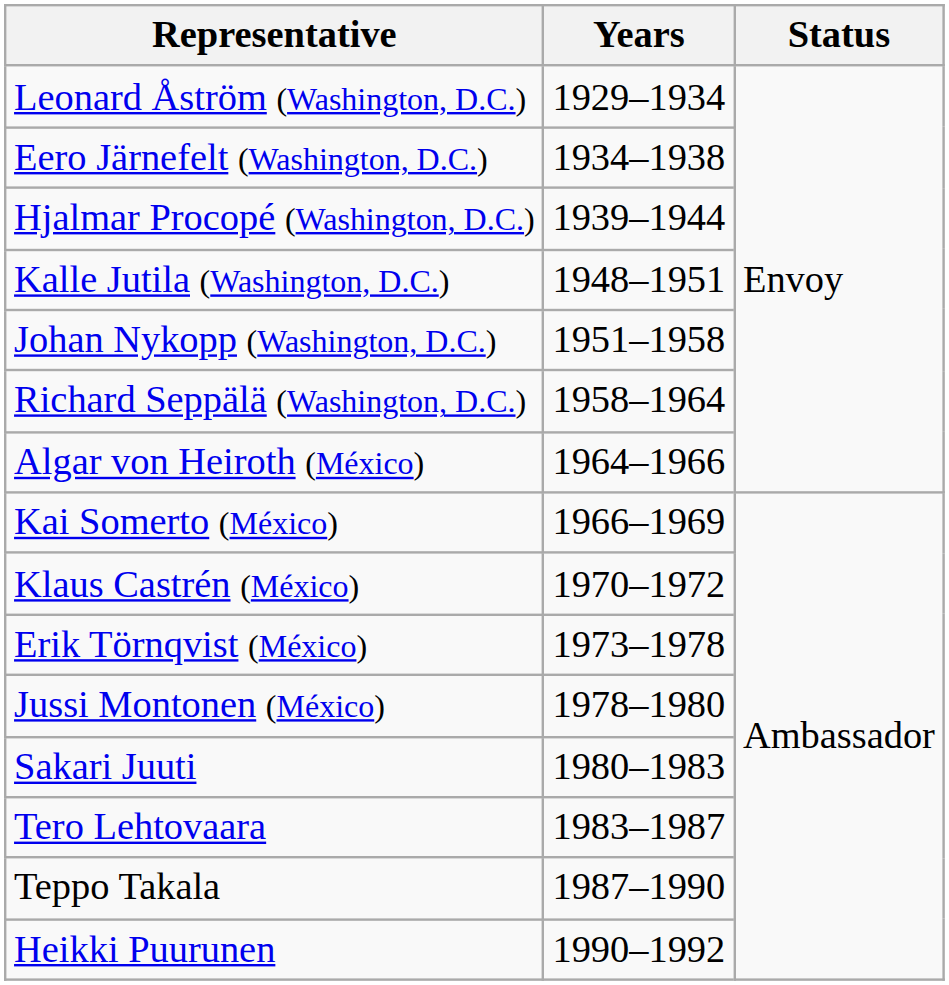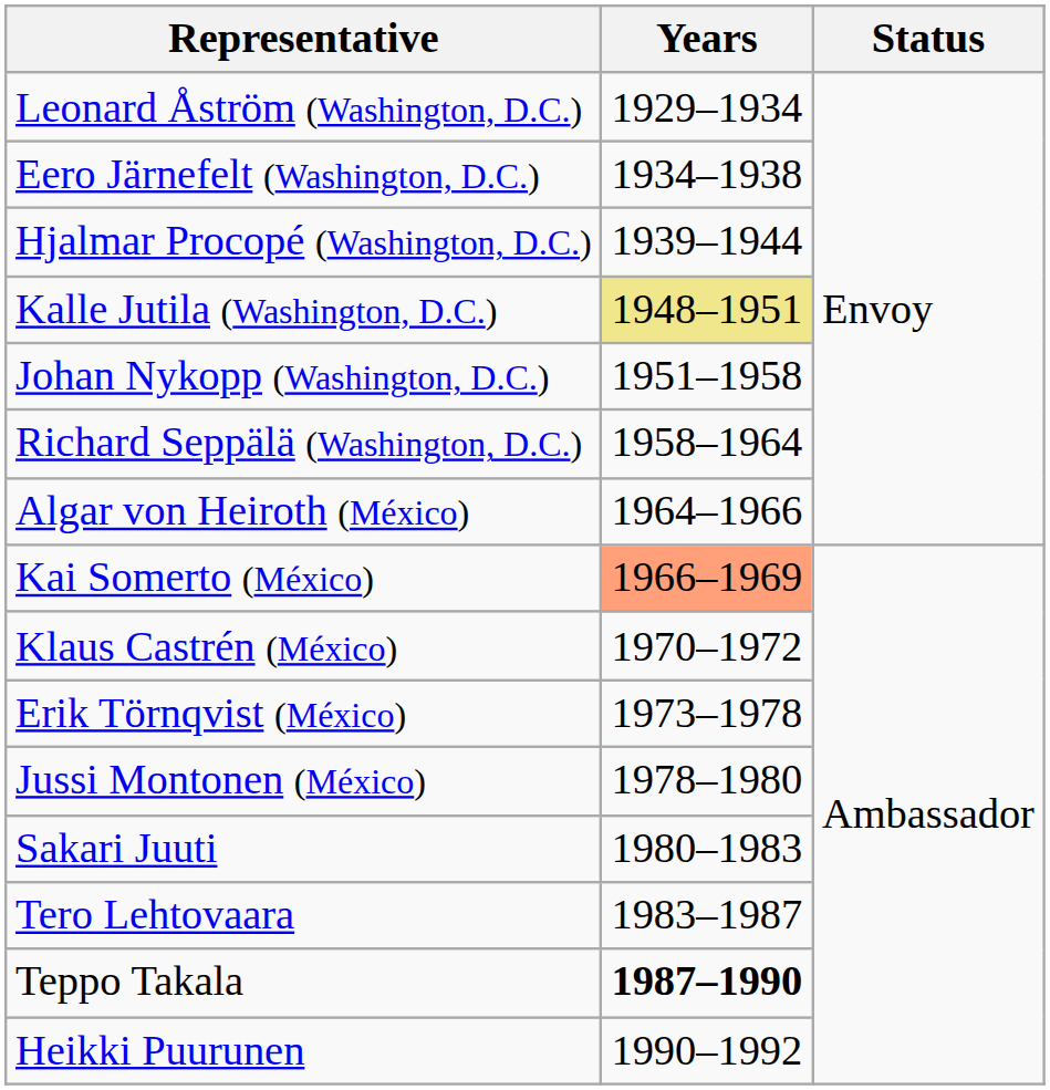 <table class="wikitable sortable">
 <tr>
 <th>Representative</th>
 <th>Years</th>
 <th>Status</th>
 </tr>
 <tr>
 <td><a href='#'>Leonard Åström</a> <small>(<a href='#'>Washington, D.C.</a>)</small></td>
 <td>1929–1934</td>
 <td rowspan="7">Envoy</td>
 </tr>
 <tr>
 <td><a href='#'>Eero Järnefelt</a> <small>(<a href='#'>Washington, D.C.</a>)</small></td>
 <td>1934–1938</td>
 </tr>
 <tr>
 <td><a href='#'>Hjalmar Procopé</a> <small>(<a href='#'>Washington, D.C.</a>)</small></td>
 <td>1939–1944</td>
 </tr>
 <tr>
 <td><a href='#'>Kalle Jutila</a> <small>(<a href='#'>Washington, D.C.</a>)</small></td>
-<td>1948–1951</td>
+<td style="background: khaki;">1948–1951</td>
 </tr>
 <tr>
 <td><a href='#'>Johan Nykopp</a> <small>(<a href='#'>Washington, D.C.</a>)</small></td>
 <td>1951–1958</td>
 </tr>
 <tr>
 <td><a href='#'>Richard Seppälä</a> <small>(<a href='#'>Washington, D.C.</a>)</small></td>
 <td>1958–1964</td>
 </tr>
 <tr>
 <td><a href='#'>Algar von Heiroth</a> <small>(<a href='#'>México</a>)</small></td>
 <td>1964–1966</td>
 </tr>
 <tr>
 <td><a href='#'>Kai Somerto</a> <small>(<a href='#'>México</a>)</small></td>
-<td>1966–1969</td>
+<td style="background: lightsalmon;">1966–1969</td>
 <td rowspan="8">Ambassador</td>
 </tr>
 <tr>
 <td><a href='#'>Klaus Castrén</a> <small>(<a href='#'>México</a>)</small></td>
 <td>1970–1972</td>
 </tr>
 <tr>
 <td><a href='#'>Erik Törnqvist</a> <small>(<a href='#'>México</a>)</small></td>
 <td>1973–1978</td>
 </tr>
 <tr>
 <td><a href='#'>Jussi Montonen</a> <small>(<a href='#'>México</a>)</small></td>
 <td>1978–1980</td>
 </tr>
 <tr>
 <td><a href='#'>Sakari Juuti</a></td>
 <td>1980–1983</td>
 </tr>
 <tr>
 <td><a href='#'>Tero Lehtovaara</a></td>
 <td>1983–1987</td>
 </tr>
 <tr>
 <td>Teppo Takala</td>
-<td>1987–1990</td>
+<td><strong>1987–1990</strong></td>
 </tr>
 <tr>
 <td><a href='#'>Heikki Puurunen</a></td>
 <td>1990–1992</td>
 </tr>
 </table>
